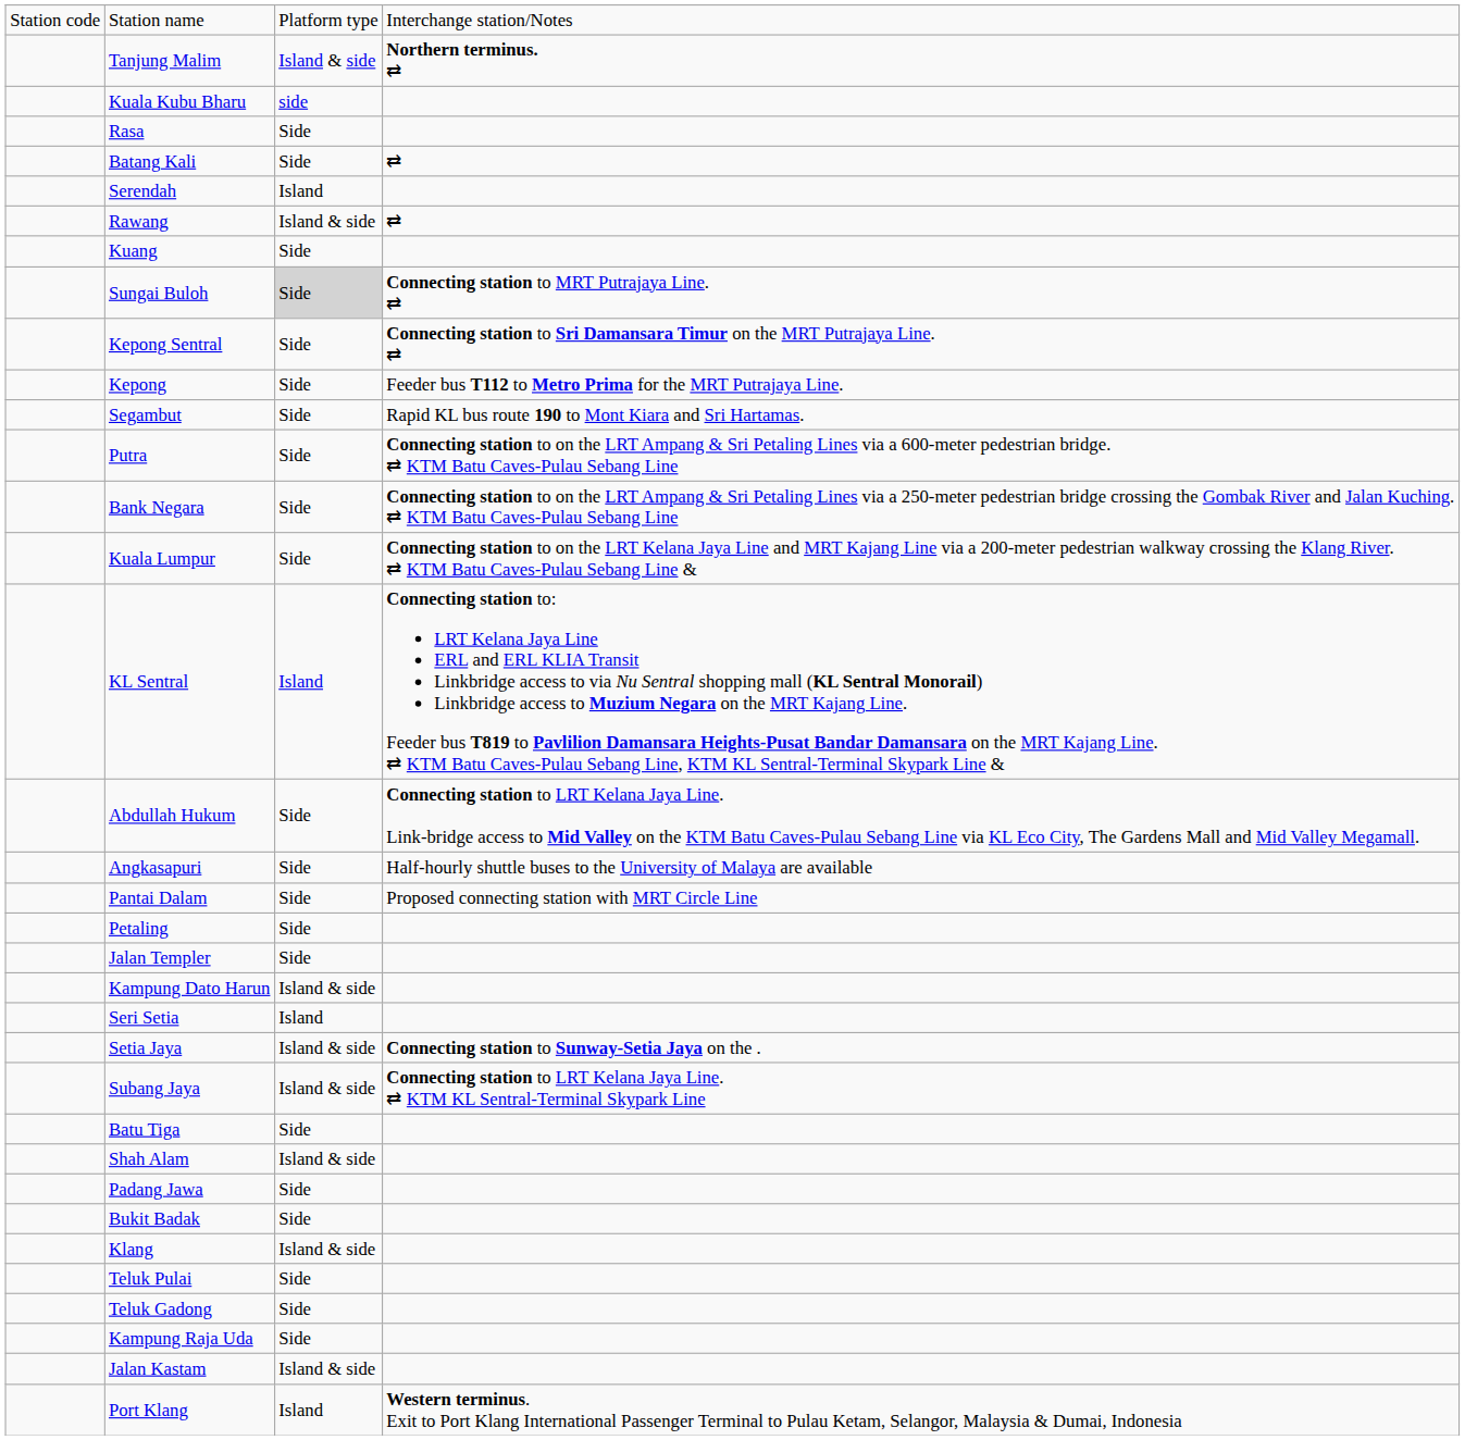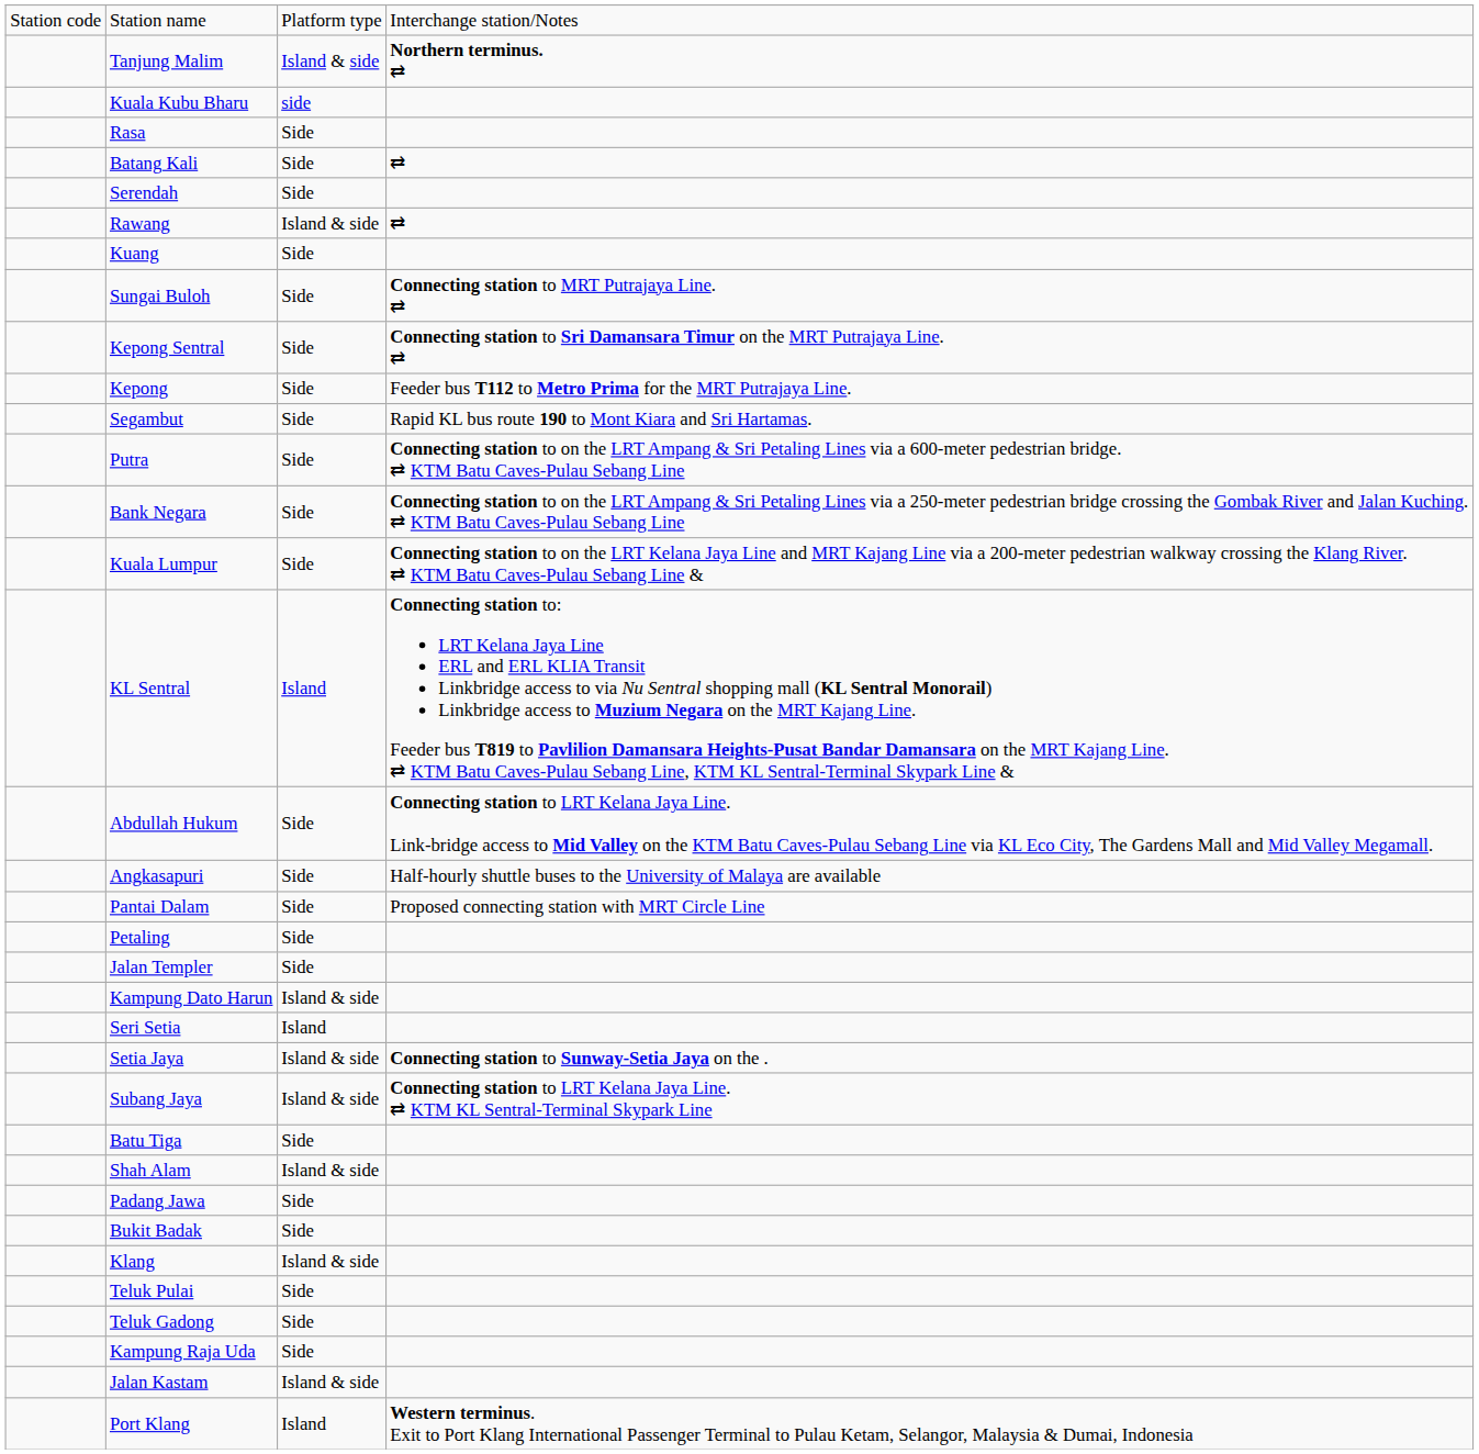 <table class="wikitable sortable" style="margin-left:1em; margin-bottom:1em; color:black; font-size:95%;">
 <tr style="background:#">
 <td>Station code</td>
 <td>Station name</td>
 <td>Platform type</td>
 <td>Interchange station/Notes</td>
 </tr>
 <tr>
 <td></td>
 <td><a href='#'>Tanjung Malim</a></td>
 <td><a href='#'>Island</a> & <a href='#'>side</a></td>
 <td><strong>Northern terminus.</strong><br>⇄ </td>
 </tr>
 <tr>
 <td></td>
 <td><a href='#'>Kuala Kubu Bharu</a></td>
 <td><a href='#'>side</a></td>
 <td></td>
 </tr>
 <tr>
 <td></td>
 <td><a href='#'>Rasa</a></td>
 <td>Side</td>
 <td></td>
 </tr>
 <tr>
 <td></td>
 <td><a href='#'>Batang Kali</a></td>
 <td>Side</td>
 <td>⇄ </td>
 </tr>
 <tr>
 <td></td>
 <td><a href='#'>Serendah</a></td>
-<td>Island</td>
+<td>Side</td>
 <td></td>
 </tr>
 <tr>
 <td></td>
 <td><a href='#'>Rawang</a></td>
 <td>Island & side</td>
 <td>⇄ </td>
 </tr>
 <tr>
 <td></td>
 <td><a href='#'>Kuang</a></td>
 <td>Side</td>
 <td></td>
 </tr>
 <tr>
 <td></td>
 <td><a href='#'>Sungai Buloh</a></td>
-<td style="background: lightgrey;">Side</td>
+<td>Side</td>
 <td><strong>Connecting station</strong> to  <a href='#'>MRT Putrajaya Line</a>.<br>⇄ </td>
 </tr>
 <tr>
 <td></td>
 <td><a href='#'>Kepong Sentral</a></td>
 <td>Side</td>
 <td><strong>Connecting station</strong> to  <a href='#'><strong>Sri Damansara Timur</strong></a> on the <a href='#'>MRT Putrajaya Line</a>.<br>⇄ </td>
 </tr>
 <tr>
 <td></td>
 <td><a href='#'>Kepong</a></td>
 <td>Side</td>
 <td>Feeder bus <strong>T112</strong> to  <a href='#'><strong>Metro Prima</strong></a> for the <a href='#'>MRT Putrajaya Line</a>.</td>
 </tr>
 <tr>
 <td></td>
 <td><a href='#'>Segambut</a></td>
 <td>Side</td>
 <td>Rapid KL bus route <strong>190</strong> to <a href='#'>Mont Kiara</a> and <a href='#'>Sri Hartamas</a>.</td>
 </tr>
 <tr>
 <td></td>
 <td><a href='#'>Putra</a></td>
 <td>Side</td>
 <td><strong>Connecting station</strong> to  <strong></strong> on the <a href='#'>LRT Ampang & Sri Petaling Lines</a> via a 600-meter pedestrian bridge.<br>⇄ <a href='#'>KTM Batu Caves-Pulau Sebang Line</a></td>
 </tr>
 <tr>
 <td></td>
 <td><a href='#'>Bank Negara</a></td>
 <td>Side</td>
 <td><strong>Connecting station</strong> to  <strong></strong> on the <a href='#'>LRT Ampang & Sri Petaling Lines</a> via a 250-meter pedestrian bridge crossing the <a href='#'>Gombak River</a> and <a href='#'>Jalan Kuching</a>.<br>⇄ <a href='#'>KTM Batu Caves-Pulau Sebang Line</a></td>
 </tr>
 <tr>
 <td></td>
 <td><a href='#'>Kuala Lumpur</a></td>
 <td>Side</td>
 <td><strong>Connecting station</strong> to   on the <a href='#'>LRT Kelana Jaya Line</a> and <a href='#'>MRT Kajang Line</a> via a 200-meter pedestrian walkway crossing the <a href='#'>Klang River</a>.<br>⇄ <a href='#'>KTM Batu Caves-Pulau Sebang Line</a> & </td>
 </tr>
 <tr>
 <td> </td>
 <td><a href='#'>KL Sentral</a></td>
 <td><a href='#'>Island</a></td>
 <td><strong>Connecting station</strong> to:<br><ul><li> <a href='#'>LRT Kelana Jaya Line</a></li><li> <a href='#'>ERL</a>  and <a href='#'>ERL KLIA Transit</a></li><li>Linkbridge access to   via <em>Nu Sentral</em> shopping mall (<strong>KL Sentral Monorail</strong>)</li><li>Linkbridge access to  <a href='#'><strong>Muzium Negara</strong></a> on the <a href='#'>MRT Kajang Line</a>.</li></ul>Feeder bus <strong>T819</strong> to  <strong><a href='#'>Pavlilion Damansara Heights-Pusat Bandar Damansara</a></strong> on the <a href='#'>MRT Kajang Line</a>.<br>⇄ <a href='#'>KTM Batu Caves-Pulau Sebang Line</a>,  <a href='#'>KTM KL Sentral-Terminal Skypark Line</a> & </td>
 </tr>
 <tr>
 <td></td>
 <td><a href='#'>Abdullah Hukum</a></td>
 <td>Side</td>
 <td><strong>Connecting station</strong> to  <a href='#'>LRT Kelana Jaya Line</a>.<br><br>Link-bridge access to  <a href='#'><strong>Mid Valley</strong></a> on the <a href='#'>KTM Batu Caves-Pulau Sebang Line</a> via <a href='#'>KL Eco City</a>, The Gardens Mall and <a href='#'>Mid Valley Megamall</a>.</td>
 </tr>
 <tr>
 <td></td>
 <td><a href='#'>Angkasapuri</a></td>
 <td>Side</td>
 <td>Half-hourly shuttle buses to the <a href='#'>University of Malaya</a> are available</td>
 </tr>
 <tr>
 <td></td>
 <td><a href='#'>Pantai Dalam</a></td>
 <td>Side</td>
 <td>Proposed connecting station with  <a href='#'>MRT Circle Line</a></td>
 </tr>
 <tr>
 <td></td>
 <td><a href='#'>Petaling</a></td>
 <td>Side</td>
 <td></td>
 </tr>
 <tr>
 <td></td>
 <td><a href='#'>Jalan Templer</a></td>
 <td>Side</td>
 <td></td>
 </tr>
 <tr>
 <td></td>
 <td><a href='#'>Kampung Dato Harun</a></td>
 <td>Island & side</td>
 <td></td>
 </tr>
 <tr>
 <td></td>
 <td><a href='#'>Seri Setia</a></td>
 <td>Island</td>
 <td></td>
 </tr>
 <tr>
 <td></td>
 <td><a href='#'>Setia Jaya</a></td>
 <td>Island & side</td>
 <td><strong>Connecting station</strong> to  <strong><a href='#'>Sunway-Setia Jaya</a></strong> on the .</td>
 </tr>
 <tr>
 <td></td>
 <td><a href='#'>Subang Jaya</a></td>
 <td>Island & side</td>
 <td><strong>Connecting station</strong> to  <a href='#'>LRT Kelana Jaya Line</a>.<br>⇄  <a href='#'>KTM KL Sentral-Terminal Skypark Line</a></td>
 </tr>
 <tr>
 <td></td>
 <td><a href='#'>Batu Tiga</a></td>
 <td>Side</td>
 <td></td>
 </tr>
 <tr>
 <td></td>
 <td><a href='#'>Shah Alam</a></td>
 <td>Island & side</td>
 <td></td>
 </tr>
 <tr>
 <td></td>
 <td><a href='#'>Padang Jawa</a></td>
 <td>Side</td>
 <td></td>
 </tr>
 <tr>
 <td></td>
 <td><a href='#'>Bukit Badak</a></td>
 <td>Side</td>
 <td></td>
 </tr>
 <tr>
 <td></td>
 <td><a href='#'>Klang</a></td>
 <td>Island & side</td>
 <td></td>
 </tr>
 <tr>
 <td></td>
 <td><a href='#'>Teluk Pulai</a></td>
 <td>Side</td>
 <td></td>
 </tr>
 <tr>
 <td></td>
 <td><a href='#'>Teluk Gadong</a></td>
 <td>Side</td>
 <td></td>
 </tr>
 <tr>
 <td></td>
 <td><a href='#'>Kampung Raja Uda</a></td>
 <td>Side</td>
 <td></td>
 </tr>
 <tr>
 <td></td>
 <td><a href='#'>Jalan Kastam</a></td>
 <td>Island & side</td>
 <td></td>
 </tr>
 <tr>
 <td></td>
 <td><a href='#'>Port Klang</a></td>
 <td>Island</td>
 <td><strong>Western terminus</strong>.<br>Exit to Port Klang International Passenger Terminal to Pulau Ketam, Selangor, Malaysia & Dumai, Indonesia</td>
 </tr>
 </table>
